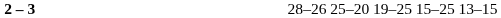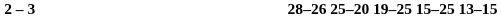 <table>
 <tr>
 <th width=200></th>
 <th width=80></th>
 <th width=200></th>
 <th width=220></th>
 </tr>
 <tr style=font-size:90%>
 <td align=right></td>
 <td align=center><strong>2 – 3</strong></td>
 <td><strong></strong></td>
-<td>28–26 25–20 19–25 15–25 13–15</td>
+<td><strong>28–26 25–20 19–25 15–25 13–15</strong></td>
 </tr>
 </table>
